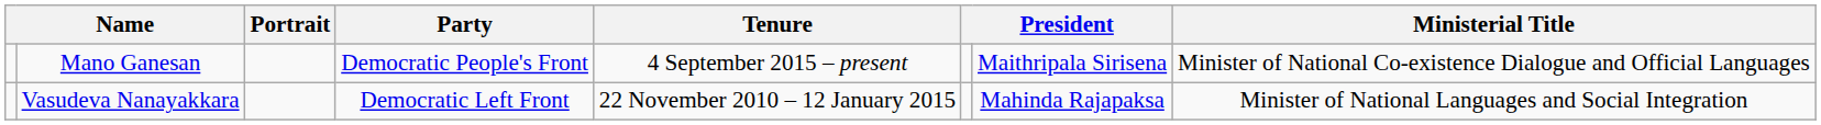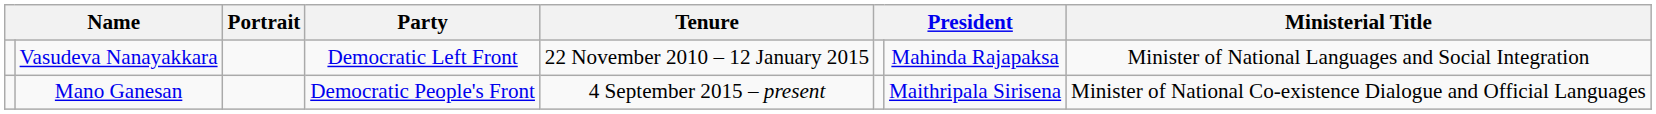 <table class="wikitable" style="font-size:90%; text-align:center;">
 <tr>
 <th colspan= 2>Name</th>
 <th>Portrait</th>
 <th>Party</th>
 <th>Tenure</th>
 <th colspan="2"><a href='#'>President</a></th>
 <th>Ministerial Title</th>
 </tr>
 <tr>
 <td !align="center" style="background:"></td>
+<td><a href='#'>Vasudeva Nanayakkara</a></td>
+<td></td>
+<td><a href='#'>Democratic Left Front</a></td>
+<td>22 November 2010 – 12 January 2015</td>
+<td !align="center" style="background:"></td>
+<td><a href='#'>Mahinda Rajapaksa</a></td>
+<td>Minister of National Languages and Social Integration</td>
+</tr>
+<tr>
+<td !align="center" style="background:"></td>
 <td><a href='#'>Mano Ganesan</a></td>
 <td></td>
 <td><a href='#'>Democratic People's Front</a></td>
 <td>4 September 2015 – <em>present</em></td>
 <td !align="center" style="background:"></td>
 <td><a href='#'>Maithripala Sirisena</a></td>
 <td>Minister of National Co-existence Dialogue and Official Languages</td>
 </tr>
-<tr>
-<td !align="center" style="background:"></td>
-<td><a href='#'>Vasudeva Nanayakkara</a></td>
-<td></td>
-<td><a href='#'>Democratic Left Front</a></td>
-<td>22 November 2010 – 12 January 2015</td>
-<td !align="center" style="background:"></td>
-<td><a href='#'>Mahinda Rajapaksa</a></td>
-<td>Minister of National Languages and Social Integration</td>
-</tr>
 </table>
